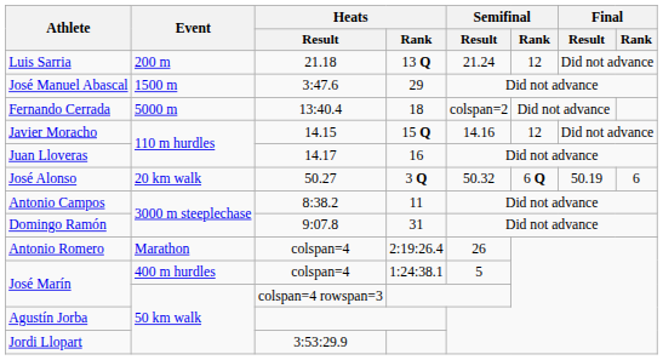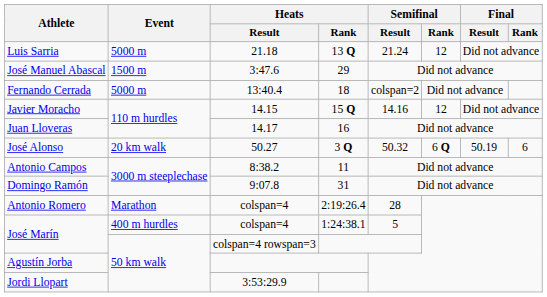 <table class="wikitable" style="font-size:90%">
 <tr>
 <th rowspan="2">Athlete</th>
 <th rowspan="2">Event</th>
 <th colspan="2">Heats</th>
 <th colspan="2">Semifinal</th>
 <th colspan="2">Final</th>
 </tr>
 <tr style="font-size:95%">
 <th>Result</th>
 <th>Rank</th>
 <th>Result</th>
 <th>Rank</th>
 <th>Result</th>
 <th>Rank</th>
 </tr>
 <tr align=center>
 <td align=left><a href='#'>Luis Sarria</a></td>
-<td align=left><a href='#'>200 m</a></td>
+<td align=left><a href='#'>5000 m</a></td>
 <td>21.18</td>
 <td>13 <strong>Q</strong></td>
 <td>21.24</td>
 <td>12</td>
 <td colspan=2>Did not advance</td>
 </tr>
 <tr align=center>
 <td align=left><a href='#'>José Manuel Abascal</a></td>
 <td align=left><a href='#'>1500 m</a></td>
 <td>3:47.6</td>
 <td>29</td>
 <td colspan=4>Did not advance</td>
 </tr>
 <tr align=center>
 <td align=left><a href='#'>Fernando Cerrada</a></td>
 <td align=left><a href='#'>5000 m</a></td>
 <td>13:40.4</td>
 <td>18</td>
 <td>colspan=2 </td>
 <td colspan=2>Did not advance</td>
 </tr>
 <tr align=center>
 <td align=left><a href='#'>Javier Moracho</a></td>
 <td align=left rowspan=2><a href='#'>110 m hurdles</a></td>
 <td>14.15</td>
 <td>15 <strong>Q</strong></td>
 <td>14.16</td>
 <td>12</td>
 <td colspan=2>Did not advance</td>
 </tr>
 <tr align=center>
 <td align=left><a href='#'>Juan Lloveras</a></td>
 <td>14.17</td>
 <td>16</td>
 <td colspan=4>Did not advance</td>
 </tr>
 <tr align=center>
 <td align=left><a href='#'>José Alonso</a></td>
 <td align=left><a href='#'>20 km walk</a></td>
 <td>50.27</td>
 <td>3 <strong>Q</strong></td>
 <td>50.32</td>
 <td>6 <strong>Q</strong></td>
 <td>50.19</td>
 <td>6</td>
 </tr>
 <tr align=center>
 <td align=left><a href='#'>Antonio Campos</a></td>
 <td align=left rowspan=2><a href='#'>3000 m steeplechase</a></td>
 <td>8:38.2</td>
 <td>11</td>
 <td colspan=4>Did not advance</td>
 </tr>
 <tr align=center>
 <td align=left><a href='#'>Domingo Ramón</a></td>
 <td>9:07.8</td>
 <td>31</td>
 <td colspan=4>Did not advance</td>
 </tr>
 <tr align=center>
 <td align=left><a href='#'>Antonio Romero</a></td>
 <td align=left><a href='#'>Marathon</a></td>
 <td>colspan=4 </td>
 <td>2:19:26.4</td>
-<td>26</td>
+<td>28</td>
 </tr>
 <tr align=center>
 <td align=left rowspan=2><a href='#'>José Marín</a></td>
 <td align=left><a href='#'>400 m hurdles</a></td>
 <td>colspan=4 </td>
 <td>1:24:38.1</td>
 <td>5</td>
 </tr>
 <tr align=center>
 <td align=left rowspan=3><a href='#'>50 km walk</a></td>
 <td>colspan=4 rowspan=3 </td>
 <td colspan=2></td>
 </tr>
 <tr align=center>
 <td align=left><a href='#'>Agustín Jorba</a></td>
 <td colspan=2></td>
 </tr>
 <tr align=center>
 <td align=left><a href='#'>Jordi Llopart</a></td>
 <td>3:53:29.9 <strong></strong></td>
 <td></td>
 </tr>
 </table>
